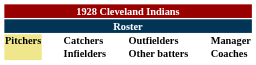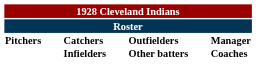 <table class="toccolours" style="font-size: 95%;">
 <tr>
 <th colspan="10" style="background-color: #990000; color: white; text-align: center;">1928 Cleveland Indians</th>
 </tr>
 <tr>
 <td colspan="10" style="background-color: #023456; color: white; text-align: center;"><strong>Roster</strong></td>
 </tr>
 <tr>
-<td valign="top" style="background: khaki;"><strong>Pitchers</strong><br>                </td>
+<td valign="top"><strong>Pitchers</strong><br>                </td>
 <td width="25px"></td>
 <td valign="top"><strong>Catchers</strong><br>   <strong>Infielders</strong>             </td>
 <td width="25px"></td>
 <td valign="top"><strong>Outfielders</strong><br>        <strong>Other batters</strong>  </td>
 <td width="25px"></td>
 <td valign="top"><strong>Manager</strong><br> <strong>Coaches</strong>  </td>
 </tr>
 </table>
